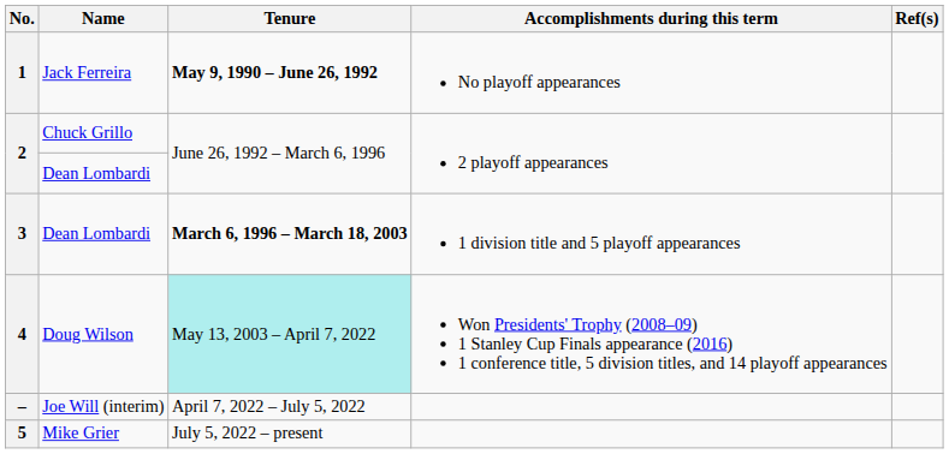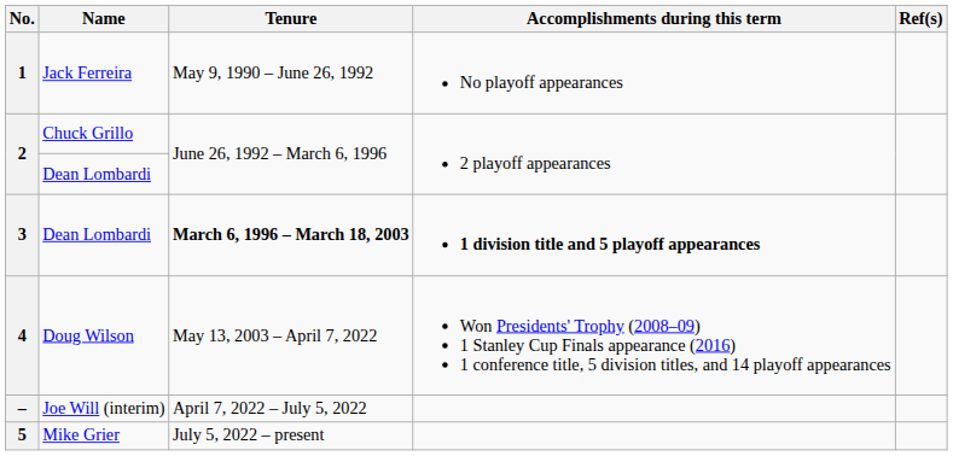 <table class="wikitable">
 <tr>
 <th scope="col">No.</th>
 <th scope="col">Name</th>
 <th scope="col">Tenure</th>
 <th scope="col">Accomplishments during this term</th>
 <th scope="col">Ref(s)</th>
 </tr>
 <tr>
 <th scope="row">1</th>
 <td><a href='#'>Jack Ferreira</a></td>
-<td><strong>May 9, 1990 – June 26, 1992</strong></td>
+<td>May 9, 1990 – June 26, 1992</td>
 <td><br><ul><li>No playoff appearances</li></ul></td>
 <td></td>
 </tr>
 <tr>
 <th scope="row" rowspan="2">2</th>
 <td><a href='#'>Chuck Grillo</a></td>
 <td rowspan="2">June 26, 1992 – March 6, 1996</td>
 <td rowspan="2"><br><ul><li>2 playoff appearances</li></ul></td>
 <td rowspan="2"></td>
 </tr>
 <tr>
 <td><a href='#'>Dean Lombardi</a></td>
 </tr>
 <tr>
 <th scope="row">3</th>
 <td><a href='#'>Dean Lombardi</a></td>
 <td><strong>March 6, 1996 – March 18, 2003</strong></td>
-<td><br><ul><li>1 division title and 5 playoff appearances</li></ul></td>
+<td><strong><br><ul><li>1 division title and 5 playoff appearances</li></ul></strong></td>
 <td></td>
 </tr>
 <tr>
 <th scope="row">4</th>
 <td><a href='#'>Doug Wilson</a></td>
-<td style="background: paleturquoise;">May 13, 2003 – April 7, 2022</td>
+<td>May 13, 2003 – April 7, 2022</td>
 <td><br><ul><li>Won <a href='#'>Presidents' Trophy</a> (<a href='#'>2008–09</a>)</li><li>1 Stanley Cup Finals appearance (<a href='#'>2016</a>)</li><li>1 conference title, 5 division titles, and 14 playoff appearances</li></ul></td>
 <td></td>
 </tr>
 <tr>
 <th scope="row">–</th>
 <td><a href='#'>Joe Will</a> (interim)</td>
 <td>April 7, 2022 – July 5, 2022</td>
 <td></td>
 <td></td>
 </tr>
 <tr>
 <th scope="row">5</th>
 <td><a href='#'>Mike Grier</a></td>
 <td>July 5, 2022 – present</td>
 <td></td>
 <td></td>
 </tr>
 </table>
